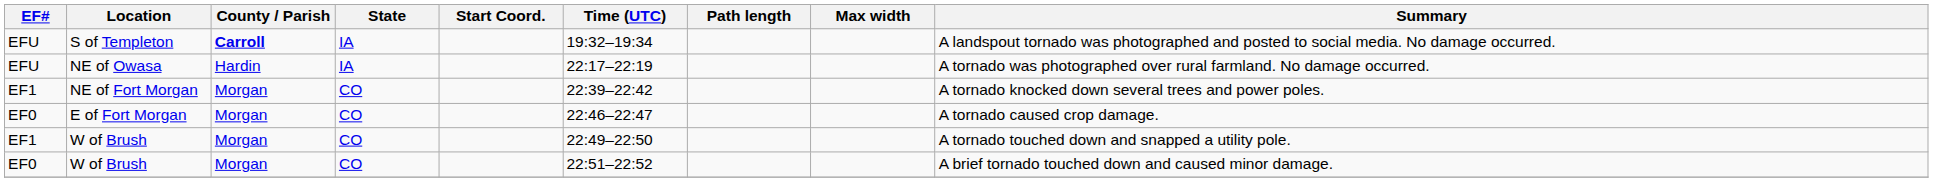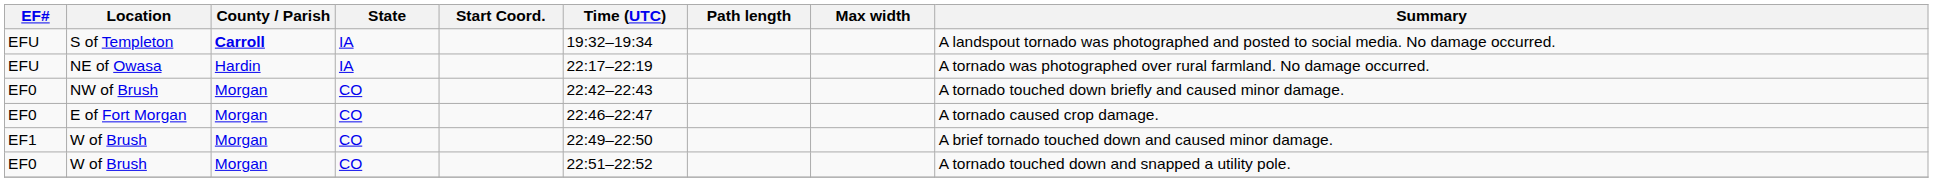 <table class="wikitable sortable" style="width:100%;">
 <tr>
 <th scope="col"  style="width:3%; text-align:center;"><a href='#'>EF#</a></th>
 <th scope="col"  style="width:7%; text-align:center;" class="unsortable">Location</th>
 <th scope="col"  style="width:6%; text-align:center;" class="unsortable">County / Parish</th>
 <th scope="col"  style="width:5%; text-align:center;">State</th>
 <th scope="col"  style="width:6%; text-align:center;">Start Coord.</th>
 <th scope="col"  style="width:6%; text-align:center;">Time (<a href='#'>UTC</a>)</th>
 <th scope="col"  style="width:6%; text-align:center;">Path length</th>
 <th scope="col"  style="width:6%; text-align:center;">Max width</th>
 <th scope="col" class="unsortable" style="width:48%; text-align:center;">Summary</th>
 </tr>
 <tr>
 <td>EFU</td>
 <td>S of <a href='#'>Templeton</a></td>
 <td><strong><a href='#'>Carroll</a></strong></td>
 <td><a href='#'>IA</a></td>
 <td></td>
 <td>19:32–19:34</td>
 <td></td>
 <td></td>
 <td>A landspout tornado was photographed and posted to social media. No damage occurred.</td>
 </tr>
 <tr>
 <td>EFU</td>
 <td>NE of <a href='#'>Owasa</a></td>
 <td><a href='#'>Hardin</a></td>
 <td><a href='#'>IA</a></td>
 <td></td>
 <td>22:17–22:19</td>
 <td></td>
 <td></td>
 <td>A tornado was photographed over rural farmland. No damage occurred.</td>
 </tr>
 <tr>
-<td>EF1</td>
-<td>NE of <a href='#'>Fort Morgan</a></td>
+<td>EF0</td>
+<td>NW of <a href='#'>Brush</a></td>
 <td><a href='#'>Morgan</a></td>
 <td><a href='#'>CO</a></td>
 <td></td>
-<td>22:39–22:42</td>
+<td>22:42–22:43</td>
 <td></td>
 <td></td>
-<td>A tornado knocked down several trees and power poles.</td>
+<td>A tornado touched down briefly and caused minor damage.</td>
 </tr>
 <tr>
 <td>EF0</td>
 <td>E of <a href='#'>Fort Morgan</a></td>
 <td><a href='#'>Morgan</a></td>
 <td><a href='#'>CO</a></td>
 <td></td>
 <td>22:46–22:47</td>
 <td></td>
 <td></td>
 <td>A tornado caused crop damage.</td>
 </tr>
 <tr>
 <td>EF1</td>
 <td>W of <a href='#'>Brush</a></td>
 <td><a href='#'>Morgan</a></td>
 <td><a href='#'>CO</a></td>
 <td></td>
 <td>22:49–22:50</td>
 <td></td>
 <td></td>
-<td>A tornado touched down and snapped a utility pole.</td>
+<td>A brief tornado touched down and caused minor damage.</td>
 </tr>
 <tr>
 <td>EF0</td>
 <td>W of <a href='#'>Brush</a></td>
 <td><a href='#'>Morgan</a></td>
 <td><a href='#'>CO</a></td>
 <td></td>
 <td>22:51–22:52</td>
 <td></td>
 <td></td>
-<td>A brief tornado touched down and caused minor damage.</td>
+<td>A tornado touched down and snapped a utility pole.</td>
 </tr>
 <tr>
 </tr>
 </table>
